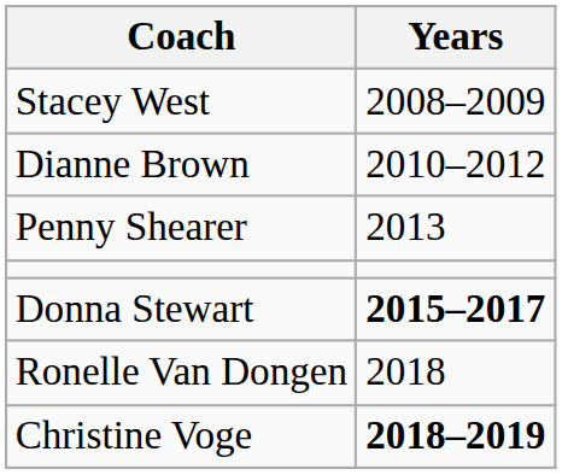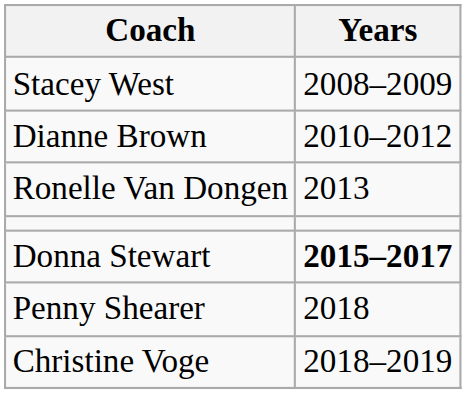 <table class="wikitable collapsible">
 <tr>
 <th>Coach</th>
 <th>Years</th>
 </tr>
 <tr>
 <td>Stacey West</td>
 <td>2008–2009</td>
 </tr>
 <tr>
 <td>Dianne  Brown</td>
 <td>2010–2012</td>
 </tr>
 <tr>
-<td>Penny Shearer</td>
+<td>Ronelle Van Dongen</td>
 <td>2013</td>
 </tr>
 <tr>
 <td></td>
 </tr>
 <tr>
 <td>Donna Stewart</td>
 <td><strong>2015–2017</strong></td>
 </tr>
 <tr>
-<td>Ronelle Van Dongen</td>
+<td>Penny Shearer</td>
 <td>2018</td>
 </tr>
 <tr>
 <td>Christine Voge</td>
-<td><strong>2018–2019</strong></td>
+<td>2018–2019</td>
 </tr>
 <tr>
 </tr>
 </table>
